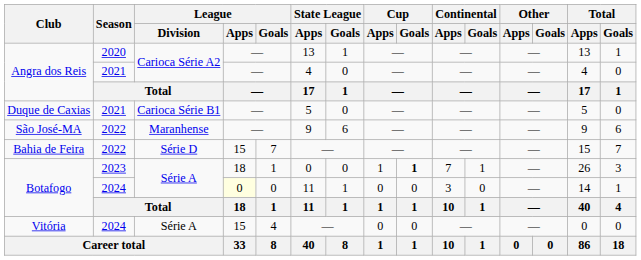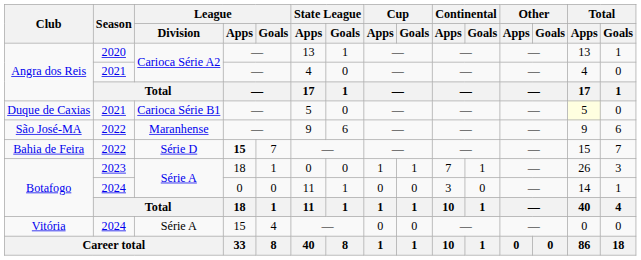 <table class="wikitable" style="text-align: center">
 <tr>
 <th rowspan="2">Club</th>
 <th rowspan="2">Season</th>
 <th colspan="3">League</th>
 <th colspan="2">State League</th>
 <th colspan="2">Cup</th>
 <th colspan="2">Continental</th>
 <th colspan="2">Other</th>
 <th colspan="2">Total</th>
 </tr>
 <tr>
 <th>Division</th>
 <th>Apps</th>
 <th>Goals</th>
 <th>Apps</th>
 <th>Goals</th>
 <th>Apps</th>
 <th>Goals</th>
 <th>Apps</th>
 <th>Goals</th>
 <th>Apps</th>
 <th>Goals</th>
 <th>Apps</th>
 <th>Goals</th>
 </tr>
 <tr>
 <td rowspan="3"><a href='#'>Angra dos Reis</a></td>
 <td><a href='#'>2020</a></td>
 <td rowspan="2"><a href='#'>Carioca Série A2</a></td>
 <td colspan="2">—</td>
 <td>13</td>
 <td>1</td>
 <td colspan="2">—</td>
 <td colspan="2">—</td>
 <td colspan="2">—</td>
 <td>13</td>
 <td>1</td>
 </tr>
 <tr>
 <td><a href='#'>2021</a></td>
 <td colspan="2">—</td>
 <td>4</td>
 <td>0</td>
 <td colspan="2">—</td>
 <td colspan="2">—</td>
 <td colspan="2">—</td>
 <td>4</td>
 <td>0</td>
 </tr>
 <tr>
 <th colspan="2">Total</th>
 <th colspan="2">—</th>
 <th>17</th>
 <th>1</th>
 <th colspan="2">—</th>
 <th colspan="2">—</th>
 <th colspan="2">—</th>
 <th>17</th>
 <th>1</th>
 </tr>
 <tr>
 <td><a href='#'>Duque de Caxias</a></td>
 <td><a href='#'>2021</a></td>
 <td><a href='#'>Carioca Série B1</a></td>
 <td colspan="2">—</td>
 <td>5</td>
 <td>0</td>
 <td colspan="2">—</td>
 <td colspan="2">—</td>
 <td colspan="2">—</td>
-<td>5</td>
+<td style="background: lightyellow;">5</td>
 <td>0</td>
 </tr>
 <tr>
 <td><a href='#'>São José-MA</a></td>
 <td><a href='#'>2022</a></td>
 <td><a href='#'>Maranhense</a></td>
 <td colspan="2">—</td>
 <td>9</td>
 <td>6</td>
 <td colspan="2">—</td>
 <td colspan="2">—</td>
 <td colspan="2">—</td>
 <td>9</td>
 <td>6</td>
 </tr>
 <tr>
 <td><a href='#'>Bahia de Feira</a></td>
 <td><a href='#'>2022</a></td>
 <td><a href='#'>Série D</a></td>
-<td>15</td>
+<td><strong>15</strong></td>
 <td>7</td>
 <td colspan="2">—</td>
 <td colspan="2">—</td>
 <td colspan="2">—</td>
 <td colspan="2">—</td>
 <td>15</td>
 <td>7</td>
 </tr>
 <tr>
 <td rowspan="3"><a href='#'>Botafogo</a></td>
 <td><a href='#'>2023</a></td>
 <td rowspan="2"><a href='#'>Série A</a></td>
 <td>18</td>
 <td>1</td>
 <td>0</td>
 <td>0</td>
 <td>1</td>
-<td><strong>1</strong></td>
+<td>1</td>
 <td>7</td>
 <td>1</td>
 <td colspan="2">—</td>
 <td>26</td>
 <td>3</td>
 </tr>
 <tr>
 <td><a href='#'>2024</a></td>
-<td style="background: lightyellow;">0</td>
+<td>0</td>
 <td>0</td>
 <td>11</td>
 <td>1</td>
 <td>0</td>
 <td>0</td>
 <td>3</td>
 <td>0</td>
 <td colspan="2">—</td>
 <td>14</td>
 <td>1</td>
 </tr>
 <tr>
 <th colspan="2">Total</th>
 <th>18</th>
 <th>1</th>
 <th>11</th>
 <th>1</th>
 <th>1</th>
 <th>1</th>
 <th>10</th>
 <th>1</th>
 <th colspan="2">—</th>
 <th>40</th>
 <th>4</th>
 </tr>
 <tr>
 <td><a href='#'>Vitória</a></td>
 <td><a href='#'>2024</a></td>
 <td>Série A</td>
 <td>15</td>
 <td>4</td>
 <td colspan="2">—</td>
 <td>0</td>
 <td>0</td>
 <td colspan="2">—</td>
 <td colspan="2">—</td>
 <td>0</td>
 <td>0</td>
 </tr>
 <tr>
 <th colspan="3"><strong>Career total</strong></th>
 <th>33</th>
 <th>8</th>
 <th>40</th>
 <th>8</th>
 <th>1</th>
 <th>1</th>
 <th>10</th>
 <th>1</th>
 <th>0</th>
 <th>0</th>
 <th>86</th>
 <th>18</th>
 </tr>
 </table>
